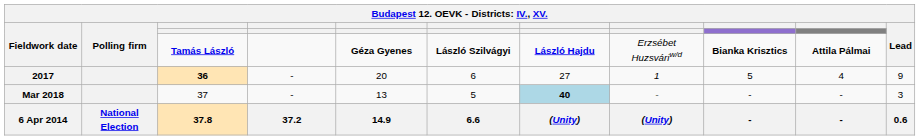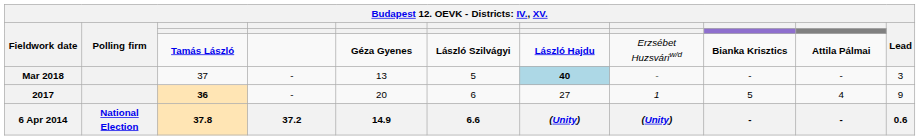 <table class="wikitable mw-collapsible mw-collapsed" style="text-align:center">
 <tr>
 <th colspan="11" style="width: 980pt;"><small><a href='#'>Budapest</a> 12. OEVK -</small> <small>Districts: <a href='#'>IV.</a>, <a href='#'>XV.</a></small></th>
 </tr>
 <tr>
 <th rowspan="3" style="width: 80pt;"><small>Fieldwork</small> <small>date</small></th>
 <th rowspan="3" style="width: 80pt;"><strong><small>Polling</small> <small>firm</small></strong></th>
 <th style="width: 100pt;"><small></small></th>
 <th style="width: 100pt;"><small> </small></th>
 <th style="width: 100pt;"></th>
 <th style="width: 100pt;"></th>
 <th style="width: 100pt;"></th>
 <th style="width: 100pt;"></th>
 <th style="width: 100pt;"></th>
 <th style="width: 100pt;"></th>
 <th rowspan="3" style="width: 20pt;"><small>Lead</small></th>
 </tr>
 <tr>
 <th style="color:inherit;background:"></th>
 <th style="color:inherit;background:"></th>
 <th style="color:inherit;background:"></th>
 <th style="color:inherit;background:"></th>
 <th style="color:inherit;background:"></th>
 <th style="color:inherit;background:"></th>
 <th style="color:inherit;background:#8E6FCE;"></th>
 <th style="color:inherit;background:#808080;"></th>
 </tr>
 <tr>
 <td><a href='#'><small><strong>Tamás László</strong></small></a></td>
 <td></td>
 <td><small><strong>Géza Gyenes</strong></small></td>
 <td><small><strong>László Szilvágyi</strong></small></td>
 <td><a href='#'><small><strong>László Hajdu</strong></small></a></td>
 <td><small><em>Erzsébet Huzsvári<sup>w/d</sup></em></small></td>
 <td><small><strong>Bianka Krisztics</strong></small></td>
 <td><small><strong>Attila Pálmai</strong></small></td>
 </tr>
 <tr>
+<th><small>Mar 2018</small></th>
+<th><small></small></th>
+<td><small>37</small></td>
+<td><small>-</small></td>
+<td><small>13</small></td>
+<td><small>5</small></td>
+<td style="background:#ADD8E6"><strong><small>40</small></strong></td>
+<td><small><em>-</em></small></td>
+<td><small>-</small></td>
+<td><small>-</small></td>
+<td style="background:"><small>3</small></td>
+</tr>
+<tr>
 <th><small>2017</small></th>
 <th><small></small></th>
 <td style="background:#FFE5B4"><strong><small>36</small></strong></td>
 <td><small>-</small></td>
 <td><small>20</small></td>
 <td><small>6</small></td>
 <td><small>27</small></td>
 <td><small><em>1</em></small></td>
 <td><small>5</small></td>
 <td><small>4</small></td>
 <td style="background:"><small>9</small></td>
-</tr>
-<tr>
-<th><small>Mar 2018</small></th>
-<th><small></small></th>
-<td><small>37</small></td>
-<td><small>-</small></td>
-<td><small>13</small></td>
-<td><small>5</small></td>
-<td style="background:#ADD8E6"><strong><small>40</small></strong></td>
-<td><small><em>-</em></small></td>
-<td><small>-</small></td>
-<td><small>-</small></td>
-<td style="background:"><small>3</small></td>
 </tr>
 <tr>
 <th><small>6 Apr 2014</small></th>
 <th><a href='#'><small>National Election</small></a></th>
 <th style="background:#FFE5B4"><small>37.8</small></th>
 <th><small>37.2</small></th>
 <th><small>14.9</small></th>
 <th><small>6.6</small></th>
 <th><small><em>(<a href='#'>Unity</a>)</em></small></th>
 <th><small><em>(<a href='#'>Unity</a>)</em></small></th>
 <th><small>-</small></th>
 <th><small>-</small></th>
 <th style="background:"><small>0.6</small></th>
 </tr>
 </table>
